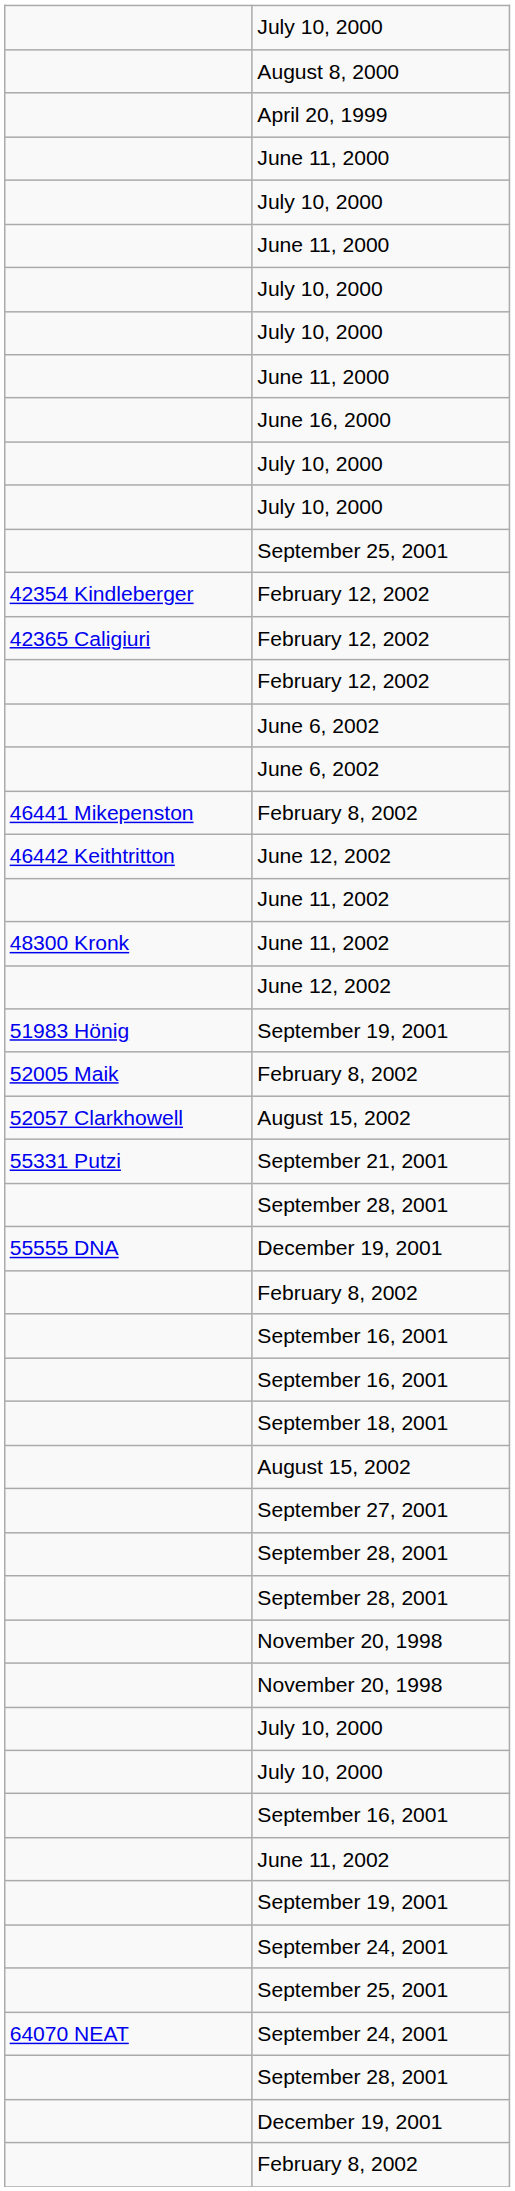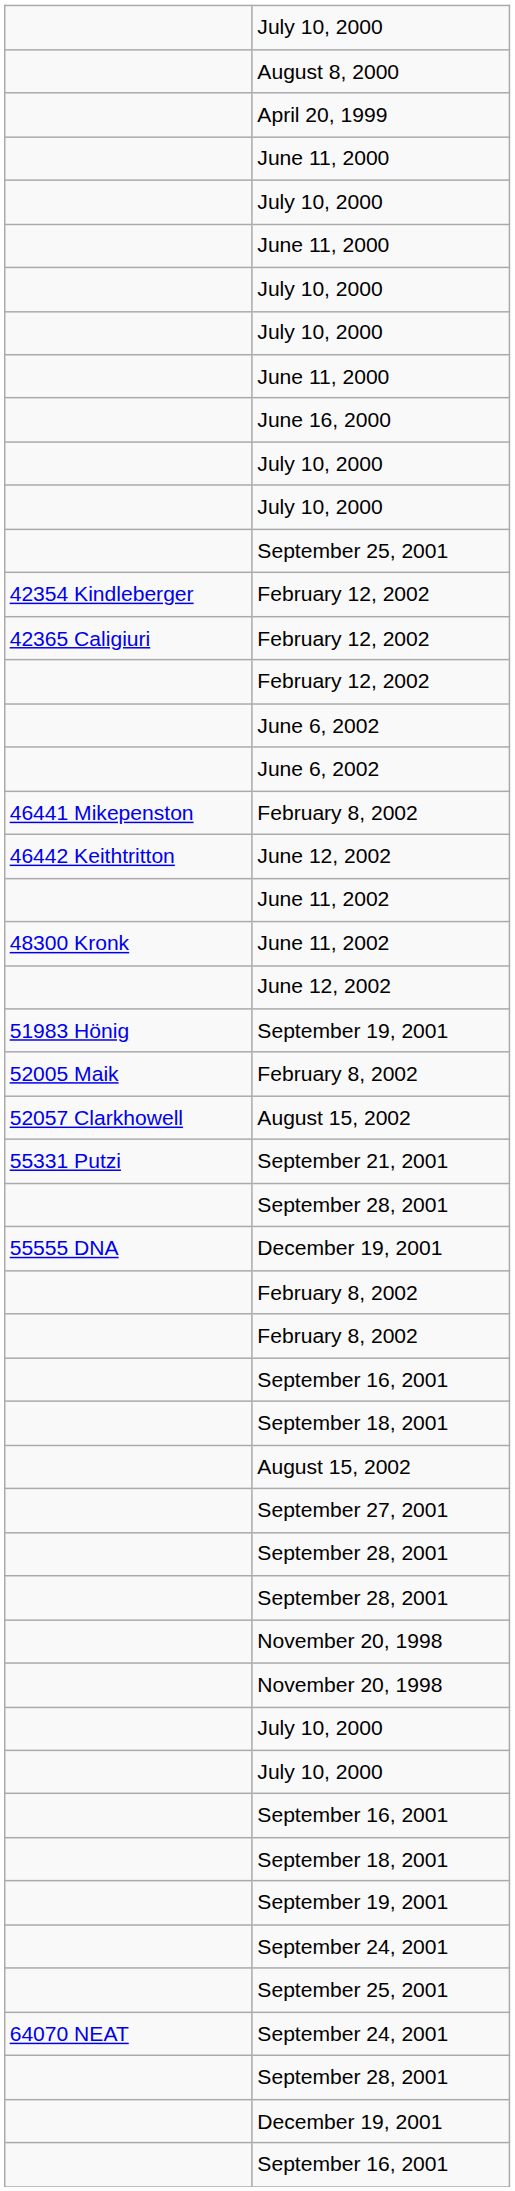 <table class="wikitable" style="font-size: 89%; float: left; width: 24em; margin-right: 1em; line-height: 1.6em !important; height: 1250px;">
 <tr>
 <td></td>
 <td>July 10, 2000</td>
 </tr>
 <tr>
 <td></td>
 <td>August 8, 2000</td>
 </tr>
 <tr>
 <td></td>
 <td>April 20, 1999</td>
 </tr>
 <tr>
 <td></td>
 <td>June 11, 2000</td>
 </tr>
 <tr>
 <td></td>
 <td>July 10, 2000</td>
 </tr>
 <tr>
 <td></td>
 <td>June 11, 2000</td>
 </tr>
 <tr>
 <td></td>
 <td>July 10, 2000</td>
 </tr>
 <tr>
 <td></td>
 <td>July 10, 2000</td>
 </tr>
 <tr>
 <td></td>
 <td>June 11, 2000</td>
 </tr>
 <tr>
 <td></td>
 <td>June 16, 2000</td>
 </tr>
 <tr>
 <td></td>
 <td>July 10, 2000</td>
 </tr>
 <tr>
 <td></td>
 <td>July 10, 2000</td>
 </tr>
 <tr>
 <td></td>
 <td>September 25, 2001</td>
 </tr>
 <tr>
 <td><a href='#'>42354 Kindleberger</a></td>
 <td>February 12, 2002</td>
 </tr>
 <tr>
 <td><a href='#'>42365 Caligiuri</a></td>
 <td>February 12, 2002</td>
 </tr>
 <tr>
 <td></td>
 <td>February 12, 2002</td>
 </tr>
 <tr>
 <td></td>
 <td>June 6, 2002</td>
 </tr>
 <tr>
 <td></td>
 <td>June 6, 2002</td>
 </tr>
 <tr>
 <td><a href='#'>46441 Mikepenston</a></td>
 <td>February 8, 2002</td>
 </tr>
 <tr>
 <td><a href='#'>46442 Keithtritton</a></td>
 <td>June 12, 2002</td>
 </tr>
 <tr>
 <td></td>
 <td>June 11, 2002</td>
 </tr>
 <tr>
 <td><a href='#'>48300 Kronk</a></td>
 <td>June 11, 2002</td>
 </tr>
 <tr>
 <td></td>
 <td>June 12, 2002</td>
 </tr>
 <tr>
 <td><a href='#'>51983 Hönig</a></td>
 <td>September 19, 2001</td>
 </tr>
 <tr>
 <td><a href='#'>52005 Maik</a></td>
 <td>February 8, 2002</td>
 </tr>
 <tr>
 <td><a href='#'>52057 Clarkhowell</a></td>
 <td>August 15, 2002</td>
 </tr>
 <tr>
 <td><a href='#'>55331 Putzi</a></td>
 <td>September 21, 2001</td>
 </tr>
 <tr>
 <td></td>
 <td>September 28, 2001</td>
 </tr>
 <tr>
 <td><a href='#'>55555 DNA</a></td>
 <td>December 19, 2001</td>
 </tr>
 <tr>
 <td></td>
 <td>February 8, 2002</td>
 </tr>
 <tr>
 <td></td>
-<td>September 16, 2001</td>
+<td>February 8, 2002</td>
 </tr>
 <tr>
 <td></td>
 <td>September 16, 2001</td>
 </tr>
 <tr>
 <td></td>
 <td>September 18, 2001</td>
 </tr>
 <tr>
 <td></td>
 <td>August 15, 2002</td>
 </tr>
 <tr>
 <td></td>
 <td>September 27, 2001</td>
 </tr>
 <tr>
 <td></td>
 <td>September 28, 2001</td>
 </tr>
 <tr>
 <td></td>
 <td>September 28, 2001</td>
 </tr>
 <tr>
 <td></td>
 <td>November 20, 1998</td>
 </tr>
 <tr>
 <td></td>
 <td>November 20, 1998</td>
 </tr>
 <tr>
 <td></td>
 <td>July 10, 2000</td>
 </tr>
 <tr>
 <td></td>
 <td>July 10, 2000</td>
 </tr>
 <tr>
 <td></td>
 <td>September 16, 2001</td>
 </tr>
 <tr>
 <td></td>
-<td>June 11, 2002</td>
+<td>September 18, 2001</td>
 </tr>
 <tr>
 <td></td>
 <td>September 19, 2001</td>
 </tr>
 <tr>
 <td></td>
 <td>September 24, 2001</td>
 </tr>
 <tr>
 <td></td>
 <td>September 25, 2001</td>
 </tr>
 <tr>
 <td><a href='#'>64070 NEAT</a></td>
 <td>September 24, 2001</td>
 </tr>
 <tr>
 <td></td>
 <td>September 28, 2001</td>
 </tr>
 <tr>
 <td></td>
 <td>December 19, 2001</td>
 </tr>
 <tr>
 <td></td>
-<td>February 8, 2002</td>
+<td>September 16, 2001</td>
 </tr>
 </table>
